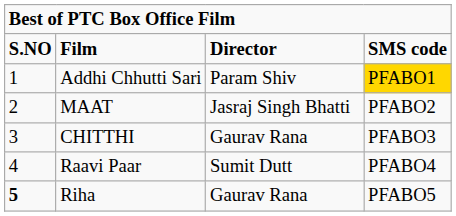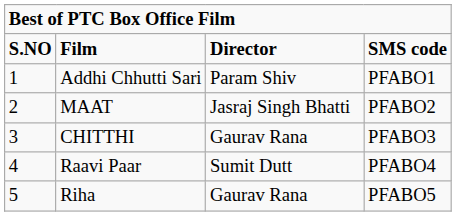 <table class="wikitable">
 <tr>
 <td colspan="4"><strong>Best of PTC Box Office Film</strong></td>
 </tr>
 <tr>
 <td><strong>S.NO</strong></td>
 <td><strong>Film</strong></td>
 <td><strong>Director</strong></td>
 <td><strong>SMS code</strong></td>
 </tr>
 <tr>
 <td>1</td>
 <td>Addhi Chhutti Sari</td>
 <td>Param Shiv</td>
-<td style="background: gold;">PFABO1</td>
+<td>PFABO1</td>
 </tr>
 <tr>
 <td>2</td>
 <td>MAAT</td>
 <td>Jasraj Singh Bhatti  </td>
 <td>PFABO2</td>
 </tr>
 <tr>
 <td>3</td>
 <td>CHITTHI</td>
 <td>Gaurav Rana</td>
 <td>PFABO3</td>
 </tr>
 <tr>
 <td>4</td>
 <td>Raavi Paar</td>
 <td>Sumit Dutt</td>
 <td>PFABO4</td>
 </tr>
 <tr>
-<td><strong>5</strong></td>
+<td>5</td>
 <td>Riha</td>
 <td>Gaurav Rana</td>
 <td>PFABO5</td>
 </tr>
 </table>
